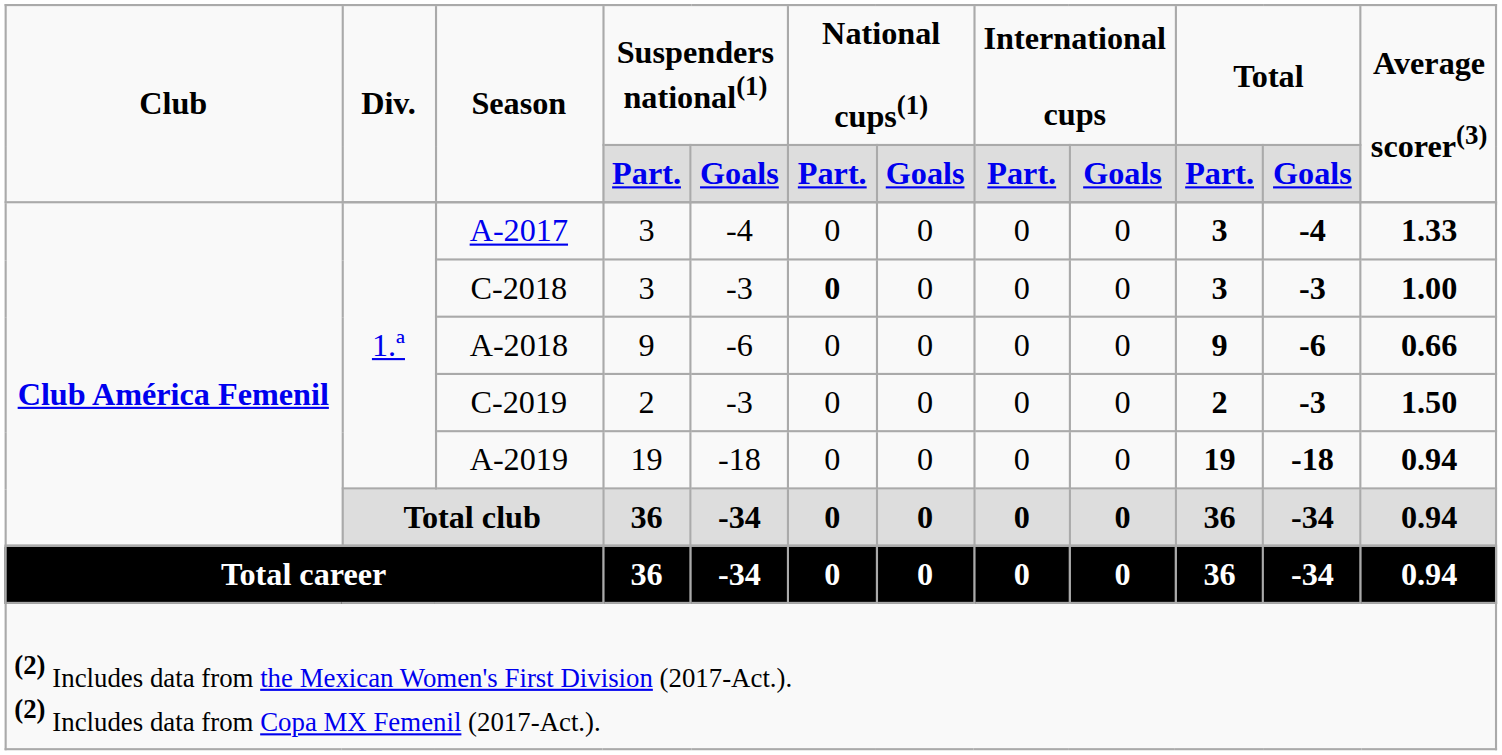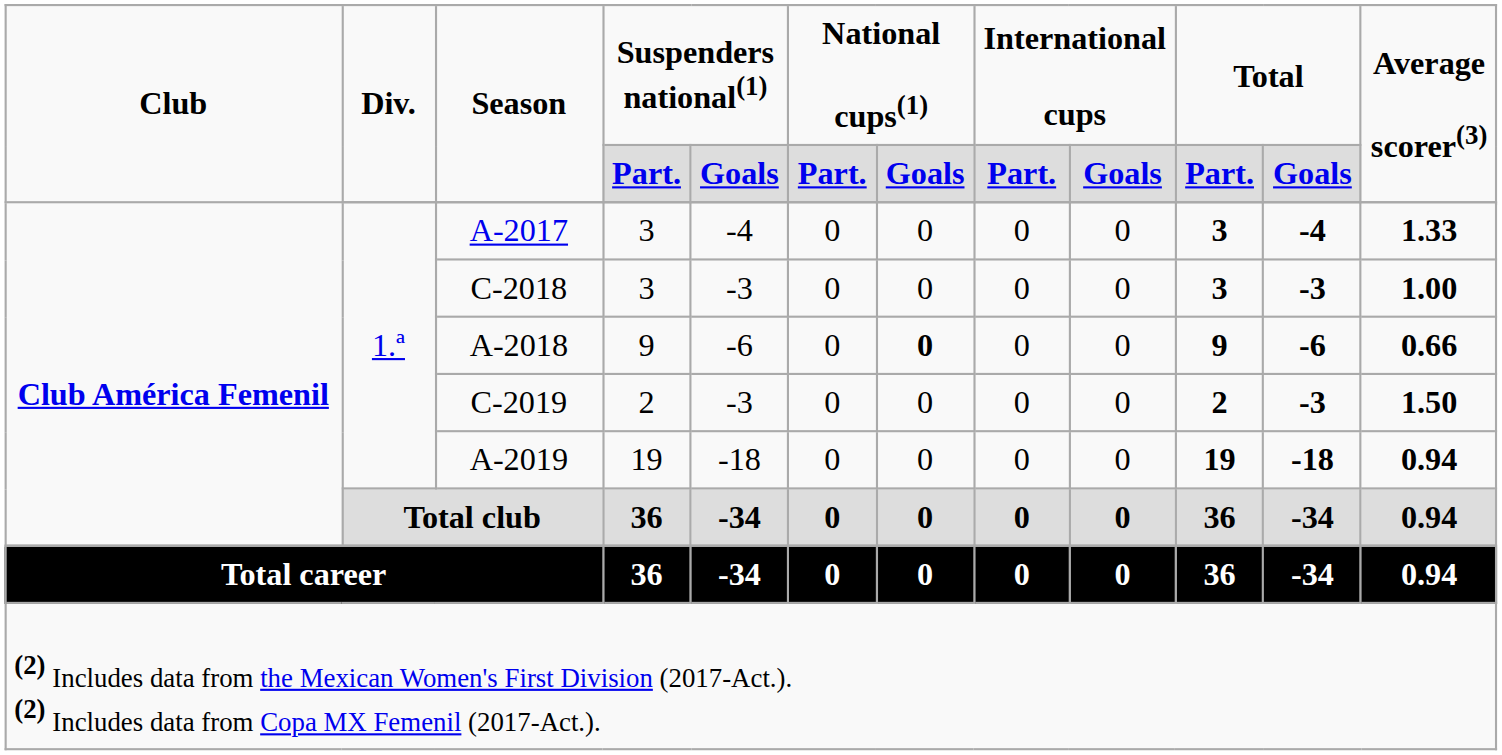 <table border="1" cellpadding="4" cellspacing="2" style="margin: 0 auto; background: #F9F9F9; font-size: 95%; border: 1px #AAA solid; border-collapse: collapse; clear:center; text-align:center">
 <tr>
 <th rowspan="2" width="150">Club</th>
 <th rowspan="2" width="35">Div.</th>
 <th rowspan="2" width="70">Season</th>
 <th colspan="2">Suspenders<br>national<sup>(1)</sup></th>
 <th colspan="2">National<br><br>cups<sup>(1)</sup></th>
 <th colspan="2">International<br><br>cups</th>
 <th colspan="2">Total</th>
 <th rowspan="2">Average<br><br>scorer<sup>(3)</sup></th>
 </tr>
 <tr bgcolor="#ddd">
 <th><a href='#'>Part.</a></th>
 <th><a href='#'>Goals</a></th>
 <th><a href='#'>Part.</a></th>
 <th><a href='#'>Goals</a></th>
 <th><a href='#'>Part.</a></th>
 <th><a href='#'>Goals</a></th>
 <th><a href='#'>Part.</a></th>
 <th><a href='#'>Goals</a></th>
 </tr>
 <tr style="text-align: center;">
 <td rowspan="8" align="center" valign="center"><br><strong><a href='#'>Club América Femenil</a></strong><small></small></td>
 </tr>
 <tr style="text-align: center;">
 <td rowspan="6" valign="center"><a href='#'>1.ª</a></td>
 </tr>
 <tr>
 <td><a href='#'>A-2017</a></td>
 <td>3</td>
 <td>-4</td>
 <td>0</td>
 <td>0</td>
 <td>0</td>
 <td>0</td>
 <th>3</th>
 <th>-4</th>
 <th>1.33</th>
 </tr>
 <tr>
 <td>C-2018</td>
 <td>3</td>
 <td>-3</td>
-<td><strong>0</strong></td>
+<td>0</td>
 <td>0</td>
 <td>0</td>
 <td>0</td>
 <th>3</th>
 <th>-3</th>
 <th>1.00</th>
 </tr>
 <tr>
 <td>A-2018</td>
 <td>9</td>
 <td>-6</td>
 <td>0</td>
-<td>0</td>
+<td><strong>0</strong></td>
 <td>0</td>
 <td>0</td>
 <th>9</th>
 <th>-6</th>
 <th>0.66</th>
 </tr>
 <tr>
 <td>C-2019</td>
 <td>2</td>
 <td>-3</td>
 <td>0</td>
 <td>0</td>
 <td>0</td>
 <td>0</td>
 <th>2</th>
 <th>-3</th>
 <th>1.50</th>
 </tr>
 <tr>
 <td>A-2019</td>
 <td>19</td>
 <td>-18</td>
 <td>0</td>
 <td>0</td>
 <td>0</td>
 <td>0</td>
 <th>19</th>
 <th>-18</th>
 <th>0.94</th>
 </tr>
 <tr style="background:#DDDDDD">
 <th colspan="2">Total club</th>
 <th>36</th>
 <th>-34</th>
 <th>0</th>
 <th>0</th>
 <th>0</th>
 <th>0</th>
 <th>36</th>
 <th>-34</th>
 <th>0.94</th>
 </tr>
 <tr>
 </tr>
 <tr bgcolor="000000" style="color: white;">
 <th colspan="3" valign="center"><strong>Total career</strong></th>
 <th>36</th>
 <th>-34</th>
 <th>0</th>
 <th>0</th>
 <th>0</th>
 <th>0</th>
 <th>36</th>
 <th>-34</th>
 <th>0.94</th>
 </tr>
 <tr>
 <td colspan="16" align="left"><br><div><sup><strong>(2)</strong></sup><small> Includes data from <a href='#'>the Mexican Women's First Division</a> (2017-Act.).</small><br><div><sup><strong>(2)</strong></sup><small> Includes data from <a href='#'>Copa MX Femenil</a> (2017-Act.).</small></div></div></td>
 </tr>
 </table>
